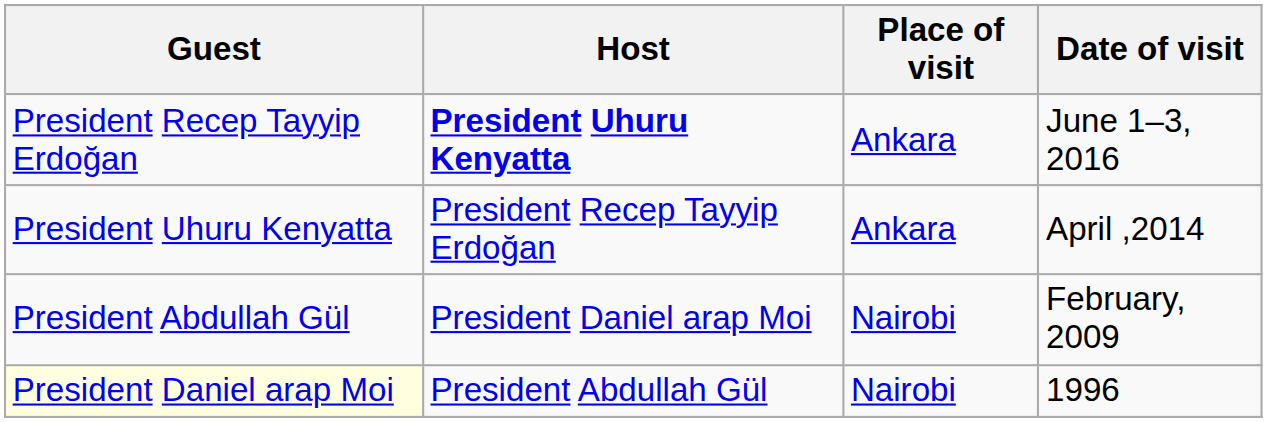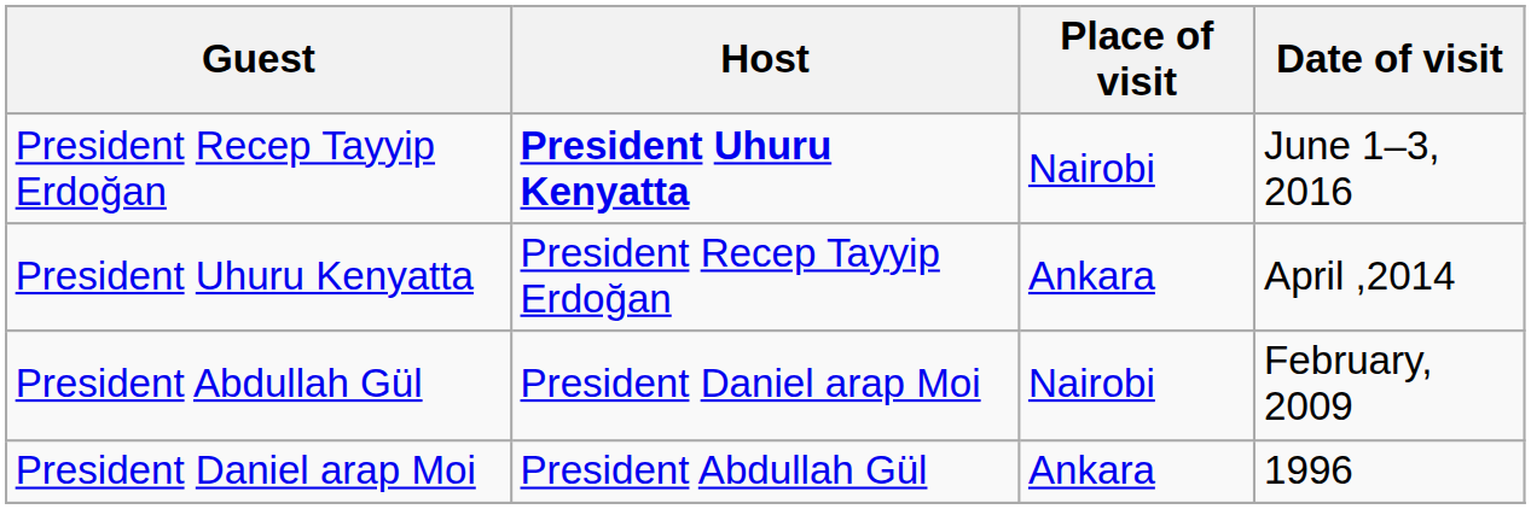 <table class="wikitable" border="1">
 <tr>
 <th>Guest</th>
 <th>Host</th>
 <th>Place of visit</th>
 <th>Date of visit</th>
 </tr>
 <tr>
 <td> <a href='#'>President</a> <a href='#'>Recep Tayyip Erdoğan</a></td>
 <td><strong> <a href='#'>President</a> <a href='#'>Uhuru Kenyatta</a></strong></td>
-<td><a href='#'>Ankara</a></td>
+<td><a href='#'>Nairobi</a></td>
 <td>June 1–3, 2016</td>
 </tr>
 <tr>
 <td> <a href='#'>President</a> <a href='#'>Uhuru Kenyatta</a></td>
 <td> <a href='#'>President</a> <a href='#'>Recep Tayyip Erdoğan</a></td>
 <td><a href='#'>Ankara</a></td>
 <td>April ,2014 </td>
 </tr>
 <tr>
 <td> <a href='#'>President</a> <a href='#'>Abdullah Gül</a></td>
 <td> <a href='#'>President</a> <a href='#'>Daniel arap Moi</a></td>
 <td><a href='#'>Nairobi</a></td>
 <td>February, 2009 </td>
 </tr>
 <tr>
-<td style="background: lightyellow;"> <a href='#'>President</a> <a href='#'>Daniel arap Moi</a></td>
+<td> <a href='#'>President</a> <a href='#'>Daniel arap Moi</a></td>
 <td> <a href='#'>President</a> <a href='#'>Abdullah Gül</a></td>
-<td><a href='#'>Nairobi</a></td>
+<td><a href='#'>Ankara</a></td>
 <td>1996 </td>
 </tr>
 <tr>
 </tr>
 </table>
